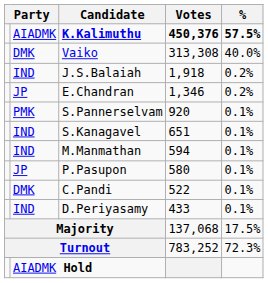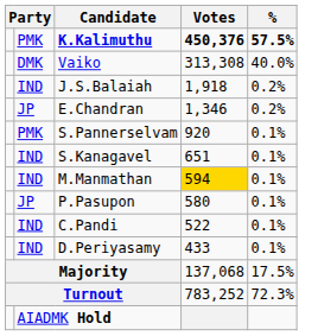 <table class="wikitable">
 <tr>
 <th colspan="2"><strong>Party</strong></th>
 <th><strong>Candidate</strong></th>
 <th><strong>Votes</strong></th>
 <th>%</th>
 </tr>
 <tr>
 <td></td>
-<td><a href='#'>AIADMK</a></td>
+<td><a href='#'>PMK</a></td>
 <td><a href='#'><strong>K.Kalimuthu</strong></a></td>
 <td><strong>450,376</strong></td>
 <td><strong>57.5%</strong></td>
 </tr>
 <tr>
 <td></td>
 <td><a href='#'>DMK</a></td>
 <td><a href='#'>Vaiko</a></td>
 <td>313,308</td>
 <td>40.0%</td>
 </tr>
 <tr>
 <td></td>
 <td><a href='#'>IND</a></td>
 <td>J.S.Balaiah</td>
 <td>1,918</td>
 <td>0.2%</td>
 </tr>
 <tr>
 <td></td>
 <td><a href='#'>JP</a></td>
 <td>E.Chandran</td>
 <td>1,346</td>
 <td>0.2%</td>
 </tr>
 <tr>
 <td></td>
 <td><a href='#'>PMK</a></td>
 <td>S.Pannerselvam</td>
 <td>920</td>
 <td>0.1%</td>
 </tr>
 <tr>
 <td></td>
 <td><a href='#'>IND</a></td>
 <td>S.Kanagavel</td>
 <td>651</td>
 <td>0.1%</td>
 </tr>
 <tr>
 <td></td>
 <td><a href='#'>IND</a></td>
 <td>M.Manmathan</td>
-<td>594</td>
+<td style="background: gold;">594</td>
 <td>0.1%</td>
 </tr>
 <tr>
 <td></td>
 <td><a href='#'>JP</a></td>
 <td>P.Pasupon</td>
 <td>580</td>
 <td>0.1%</td>
 </tr>
 <tr>
 <td></td>
-<td><a href='#'>DMK</a></td>
+<td><a href='#'>IND</a></td>
 <td>C.Pandi</td>
 <td>522</td>
 <td>0.1%</td>
 </tr>
 <tr>
 <td></td>
 <td><a href='#'>IND</a></td>
 <td>D.Periyasamy</td>
 <td>433</td>
 <td>0.1%</td>
 </tr>
 <tr>
 <th colspan="3"><strong>Majority</strong></th>
 <td>137,068</td>
 <td>17.5%</td>
 </tr>
 <tr>
 <th colspan="3"><strong><a href='#'>Turnout</a></strong></th>
 <td>783,252</td>
 <td>72.3%</td>
 </tr>
 <tr>
 <td></td>
 <td colspan="2"><a href='#'>AIADMK</a> <strong>Hold</strong></td>
 <th></th>
 <td></td>
 </tr>
 </table>
